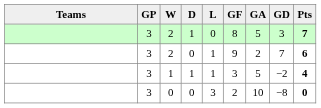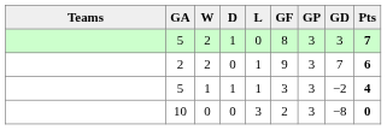 <table style=border-collapse:collapse border=1 cellspacing=0 cellpadding=5>
 <tr align=center bgcolor=#efefef>
 <th width=185>Teams</th>
-<th width=20>GP</th>
+<th width=20>GA</th>
 <th width=20>W</th>
 <th width=20>D</th>
 <th width=20>L</th>
 <th width=20>GF</th>
-<th width=20>GA</th>
+<th width=20>GP</th>
 <th width=20>GD</th>
 <th width=20>Pts</th>
 </tr>
 <tr align=center style="background:#ccffcc;">
 <td style="text-align:left;"></td>
-<td>3</td>
+<td>5</td>
 <td>2</td>
 <td>1</td>
 <td>0</td>
 <td>8</td>
-<td>5</td>
+<td>3</td>
 <td>3</td>
 <td><strong>7</strong></td>
 </tr>
 <tr align=center>
 <td style="text-align:left;"></td>
-<td>3</td>
+<td>2</td>
 <td>2</td>
 <td>0</td>
 <td>1</td>
 <td>9</td>
-<td>2</td>
+<td>3</td>
 <td>7</td>
 <td><strong>6</strong></td>
 </tr>
 <tr align=center>
 <td style="text-align:left;"></td>
-<td>3</td>
+<td>5</td>
 <td>1</td>
 <td>1</td>
 <td>1</td>
 <td>3</td>
-<td>5</td>
+<td>3</td>
 <td>−2</td>
 <td><strong>4</strong></td>
 </tr>
 <tr align=center>
 <td style="text-align:left;"></td>
-<td>3</td>
+<td>10</td>
 <td>0</td>
 <td>0</td>
 <td>3</td>
 <td>2</td>
-<td>10</td>
+<td>3</td>
 <td>−8</td>
 <td><strong>0</strong></td>
 </tr>
 </table>
